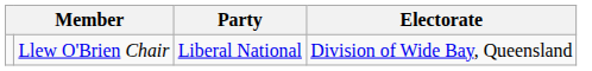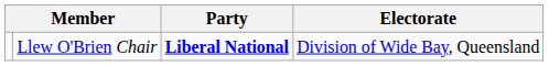 <table class="wikitable sortable" class="wikitable mw-collapsible mw-collapsed" style=text-align:center;>
 <tr>
 <th scope="col" colspan="2">Member</th>
 <th scope="col">Party</th>
 <th scope="col">Electorate</th>
 </tr>
 <tr>
 <td></td>
 <td><a href='#'>Llew O'Brien</a> <em>Chair</em></td>
-<td><a href='#'>Liberal National</a></td>
+<td><strong><a href='#'>Liberal National</a></strong></td>
 <td><a href='#'>Division of Wide Bay</a>, Queensland</td>
 </tr>
 </table>
